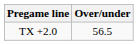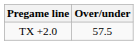 <table class="wikitable" style="margin-left: auto; margin-right: auto; border: none; display: inline-table;">
 <tr align="center">
 <th style=>Pregame line</th>
 <th style=>Over/under</th>
 </tr>
 <tr align="center">
 <td>TX +2.0</td>
-<td>56.5</td>
+<td>57.5</td>
 </tr>
 </table>
